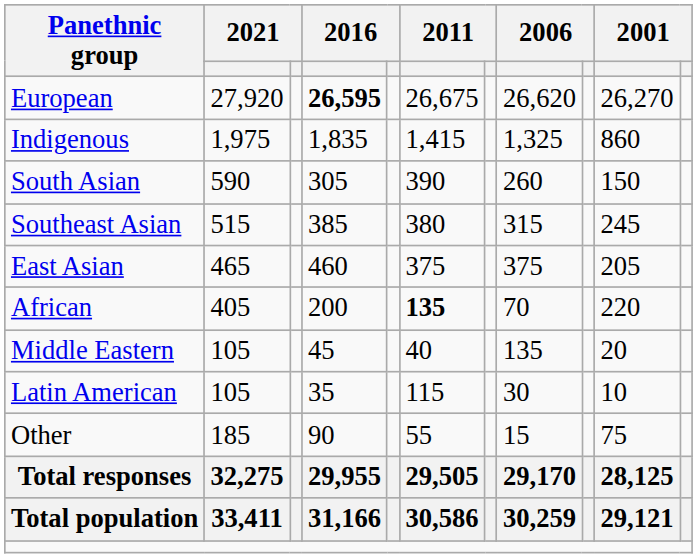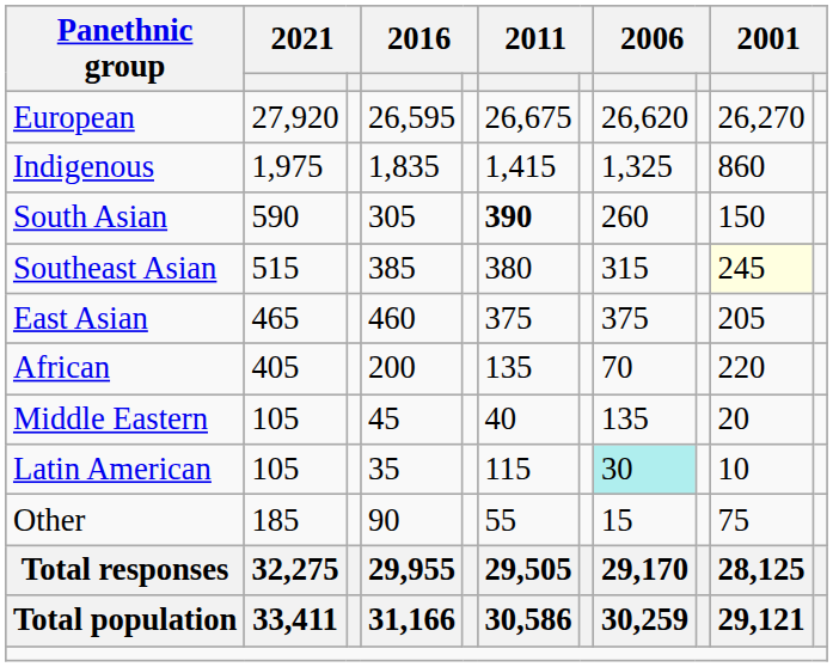 <table class="wikitable collapsible sortable">
 <tr>
 <th rowspan="2"><a href='#'>Panethnic</a><br>group</th>
 <th colspan="2">2021</th>
 <th colspan="2">2016</th>
 <th colspan="2">2011</th>
 <th colspan="2">2006</th>
 <th colspan="2">2001</th>
 </tr>
 <tr>
 <th><a href='#'></a></th>
 <th></th>
 <th></th>
 <th></th>
 <th></th>
 <th></th>
 <th></th>
 <th></th>
 <th></th>
 <th></th>
 </tr>
 <tr>
 <td><a href='#'>European</a></td>
 <td>27,920</td>
 <td></td>
-<td><strong>26,595</strong></td>
+<td>26,595</td>
 <td></td>
 <td>26,675</td>
 <td></td>
 <td>26,620</td>
 <td></td>
 <td>26,270</td>
 <td></td>
 </tr>
 <tr>
 <td><a href='#'>Indigenous</a></td>
 <td>1,975</td>
 <td></td>
 <td>1,835</td>
 <td></td>
 <td>1,415</td>
 <td></td>
 <td>1,325</td>
 <td></td>
 <td>860</td>
 <td></td>
 </tr>
 <tr>
 <td><a href='#'>South Asian</a></td>
 <td>590</td>
 <td></td>
 <td>305</td>
 <td></td>
-<td>390</td>
+<td><strong>390</strong></td>
 <td></td>
 <td>260</td>
 <td></td>
 <td>150</td>
 <td></td>
 </tr>
 <tr>
 <td><a href='#'>Southeast Asian</a></td>
 <td>515</td>
 <td></td>
 <td>385</td>
 <td></td>
 <td>380</td>
 <td></td>
 <td>315</td>
 <td></td>
-<td>245</td>
+<td style="background: lightyellow;">245</td>
 <td></td>
 </tr>
 <tr>
 <td><a href='#'>East Asian</a></td>
 <td>465</td>
 <td></td>
 <td>460</td>
 <td></td>
 <td>375</td>
 <td></td>
 <td>375</td>
 <td></td>
 <td>205</td>
 <td></td>
 </tr>
 <tr>
 <td><a href='#'>African</a></td>
 <td>405</td>
 <td></td>
 <td>200</td>
 <td></td>
-<td><strong>135</strong></td>
+<td>135</td>
 <td></td>
 <td>70</td>
 <td></td>
 <td>220</td>
 <td></td>
 </tr>
 <tr>
 <td><a href='#'>Middle Eastern</a></td>
 <td>105</td>
 <td></td>
 <td>45</td>
 <td></td>
 <td>40</td>
 <td></td>
 <td>135</td>
 <td></td>
 <td>20</td>
 <td></td>
 </tr>
 <tr>
 <td><a href='#'>Latin American</a></td>
 <td>105</td>
 <td></td>
 <td>35</td>
 <td></td>
 <td>115</td>
 <td></td>
-<td>30</td>
+<td style="background: paleturquoise;">30</td>
 <td></td>
 <td>10</td>
 <td></td>
 </tr>
 <tr>
 <td>Other</td>
 <td>185</td>
 <td></td>
 <td>90</td>
 <td></td>
 <td>55</td>
 <td></td>
 <td>15</td>
 <td></td>
 <td>75</td>
 <td></td>
 </tr>
 <tr>
 <th>Total responses</th>
 <th>32,275</th>
 <th></th>
 <th>29,955</th>
 <th></th>
 <th>29,505</th>
 <th></th>
 <th>29,170</th>
 <th></th>
 <th>28,125</th>
 <th></th>
 </tr>
 <tr>
 <th>Total population</th>
 <th>33,411</th>
 <th></th>
 <th>31,166</th>
 <th></th>
 <th>30,586</th>
 <th></th>
 <th>30,259</th>
 <th></th>
 <th>29,121</th>
 <th></th>
 </tr>
 <tr class="sortbottom">
 <td colspan="15"></td>
 </tr>
 </table>
